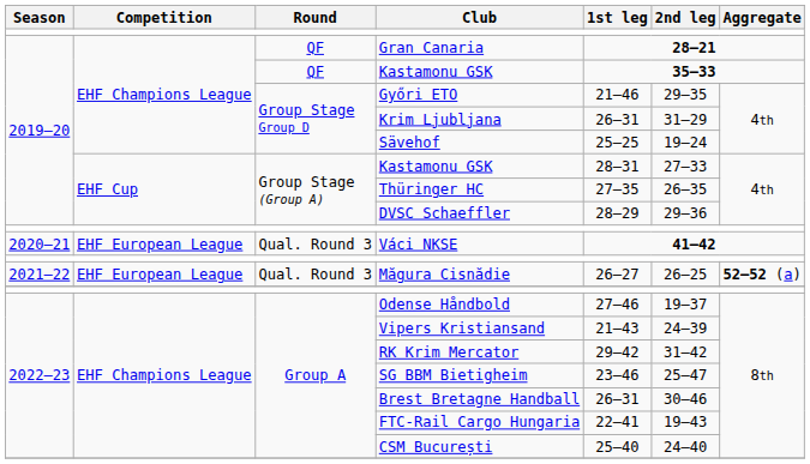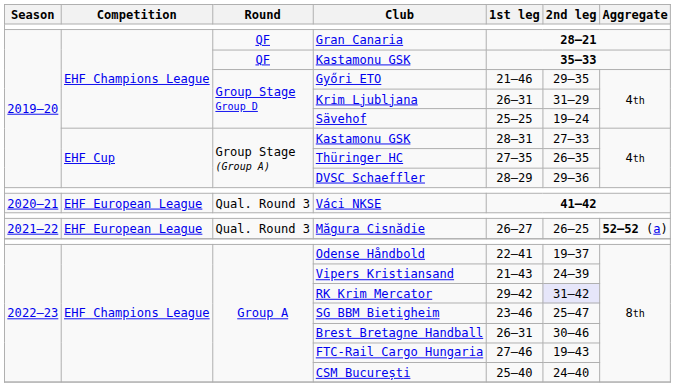 <table class="wikitable">
 <tr>
 <th>Season</th>
 <th>Competition</th>
 <th>Round</th>
 <th>Club</th>
 <th>1st leg</th>
 <th>2nd leg</th>
 <th>Aggregate</th>
 </tr>
 <tr>
 <td colspan="7" bgcolor=white></td>
 </tr>
 <tr>
 <td rowspan="8"><a href='#'>2019–20</a></td>
 <td rowspan="5"><a href='#'>EHF Champions League</a></td>
 <td style="text-align:center;"><a href='#'>QF</a></td>
 <td> <a href='#'>Gran Canaria</a></td>
 <td colspan=3; style="text-align:center;"><strong>28–21</strong></td>
 </tr>
 <tr>
 <td style="text-align:center;"><a href='#'>QF</a></td>
 <td> <a href='#'>Kastamonu GSK</a></td>
 <td colspan=3; style="text-align:center;"><strong>35–33</strong></td>
 </tr>
 <tr>
 <td rowspan="3"><a href='#'>Group Stage <br><small>Group D</small></a></td>
 <td> <a href='#'>Győri ETO</a></td>
 <td style="text-align:center;">21–46</td>
 <td style="text-align:center;">29–35</td>
 <td align=center rowspan=3>4<small>th</small></td>
 </tr>
 <tr>
 <td> <a href='#'>Krim Ljubljana</a></td>
 <td style="text-align:center;">26–31</td>
 <td style="text-align:center;">31–29</td>
 </tr>
 <tr>
 <td> <a href='#'>Sävehof</a></td>
 <td style="text-align:center;">25–25</td>
 <td style="text-align:center;">19–24</td>
 </tr>
 <tr>
 <td rowspan="3"><a href='#'>EHF Cup</a></td>
 <td rowspan="3">Group Stage <br><small><em>(Group A)</em></small></td>
 <td> <a href='#'>Kastamonu GSK</a></td>
 <td style="text-align:center;">28–31</td>
 <td style="text-align:center;">27–33</td>
 <td align=center rowspan=3>4<small>th</small></td>
 </tr>
 <tr>
 <td> <a href='#'>Thüringer HC</a></td>
 <td style="text-align:center;">27–35</td>
 <td style="text-align:center;">26–35</td>
 </tr>
 <tr>
 <td> <a href='#'>DVSC Schaeffler</a></td>
 <td style="text-align:center;">28–29</td>
 <td style="text-align:center;">29–36</td>
 </tr>
 <tr>
 <td colspan="7" bgcolor=white></td>
 </tr>
 <tr>
 <td rowspan=1><a href='#'>2020–21</a></td>
 <td rowspan=1><a href='#'>EHF European League</a></td>
 <td>Qual. Round 3</td>
 <td> <a href='#'>Váci NKSE</a></td>
 <td colspan=3; style="text-align:center;"><strong>41–42</strong></td>
 </tr>
 <tr>
 <td colspan="7" bgcolor=white></td>
 </tr>
 <tr>
 <td rowspan=1><a href='#'>2021–22</a></td>
 <td rowspan=1><a href='#'>EHF European League</a></td>
 <td>Qual. Round 3</td>
 <td> <a href='#'>Măgura Cisnădie</a></td>
 <td style="text-align:center;">26–27</td>
 <td style="text-align:center;">26–25</td>
 <td style="text-align:center;"><strong>52–52</strong> (<a href='#'>a</a>)</td>
 </tr>
 <tr>
 </tr>
 <tr>
 <td colspan=7 style="text-align: center;" bgcolor=white></td>
 </tr>
 <tr>
 <td rowspan=7><a href='#'>2022–23</a></td>
 <td rowspan=7><a href='#'>EHF Champions League</a></td>
 <td rowspan=7 style="text-align:center;"><a href='#'>Group A</a></td>
 <td> <a href='#'>Odense Håndbold</a></td>
-<td style="text-align:center;">27–46</td>
+<td style="text-align:center;">22–41</td>
 <td style="text-align:center;">19–37</td>
 <td align=center rowspan=7>8<small>th</small></td>
 </tr>
 <tr>
 <td> <a href='#'>Vipers Kristiansand</a></td>
 <td style="text-align:center;">21–43</td>
 <td style="text-align:center;">24–39</td>
 </tr>
 <tr>
 <td> <a href='#'>RK Krim Mercator</a></td>
 <td style="text-align:center;">29–42</td>
-<td style="text-align:center;">31–42</td>
+<td style="background: lavender; text-align:center;">31–42</td>
 </tr>
 <tr>
 <td> <a href='#'>SG BBM Bietigheim</a></td>
 <td style="text-align:center;">23–46</td>
 <td style="text-align:center;">25–47</td>
 </tr>
 <tr>
 <td> <a href='#'>Brest Bretagne Handball</a></td>
 <td style="text-align:center;">26–31</td>
 <td style="text-align:center;">30–46</td>
 </tr>
 <tr>
 <td> <a href='#'>FTC-Rail Cargo Hungaria</a></td>
-<td style="text-align:center;">22–41</td>
+<td style="text-align:center;">27–46</td>
 <td style="text-align:center;">19–43</td>
 </tr>
 <tr>
 <td> <a href='#'>CSM București</a></td>
 <td style="text-align:center;">25–40</td>
 <td style="text-align:center;">24–40</td>
 </tr>
 <tr>
 </tr>
 </table>
